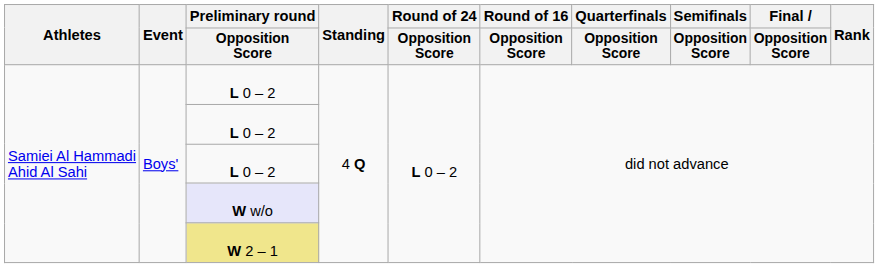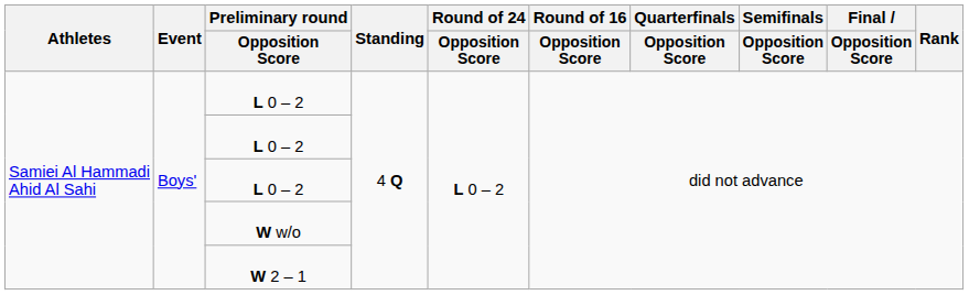 <table class=wikitable style="font-size:90%">
 <tr>
 <th rowspan="2">Athletes</th>
 <th rowspan="2">Event</th>
 <th>Preliminary round</th>
 <th rowspan="2">Standing</th>
 <th>Round of 24</th>
 <th>Round of 16</th>
 <th>Quarterfinals</th>
 <th>Semifinals</th>
 <th>Final / </th>
 <th rowspan=2>Rank</th>
 </tr>
 <tr style="font-size:95%">
 <th>Opposition<br>Score</th>
 <th>Opposition<br>Score</th>
 <th>Opposition<br>Score</th>
 <th>Opposition<br>Score</th>
 <th>Opposition<br>Score</th>
 <th>Opposition<br>Score</th>
 </tr>
 <tr align=center>
 <td align=left rowspan=5><a href='#'>Samiei Al Hammadi</a><br><a href='#'>Ahid Al Sahi</a></td>
 <td align=left rowspan=5><a href='#'>Boys'</a></td>
 <td><br><strong>L</strong> 0 – 2</td>
 <td rowspan=5>4 <strong>Q</strong></td>
 <td rowspan=5><br><strong>L</strong> 0 – 2</td>
 <td rowspan=5 colspan=5>did not advance</td>
 </tr>
 <tr align=center>
 <td><br><strong>L</strong> 0 – 2</td>
 </tr>
 <tr align=center>
 <td><br><strong>L</strong> 0 – 2</td>
 </tr>
 <tr align=center>
-<td style="background: lavender;"><br><strong>W</strong> w/o</td>
+<td><br><strong>W</strong> w/o</td>
 </tr>
 <tr align=center>
-<td style="background: khaki;"><br><strong>W</strong> 2 – 1</td>
+<td><br><strong>W</strong> 2 – 1</td>
 </tr>
 </table>
